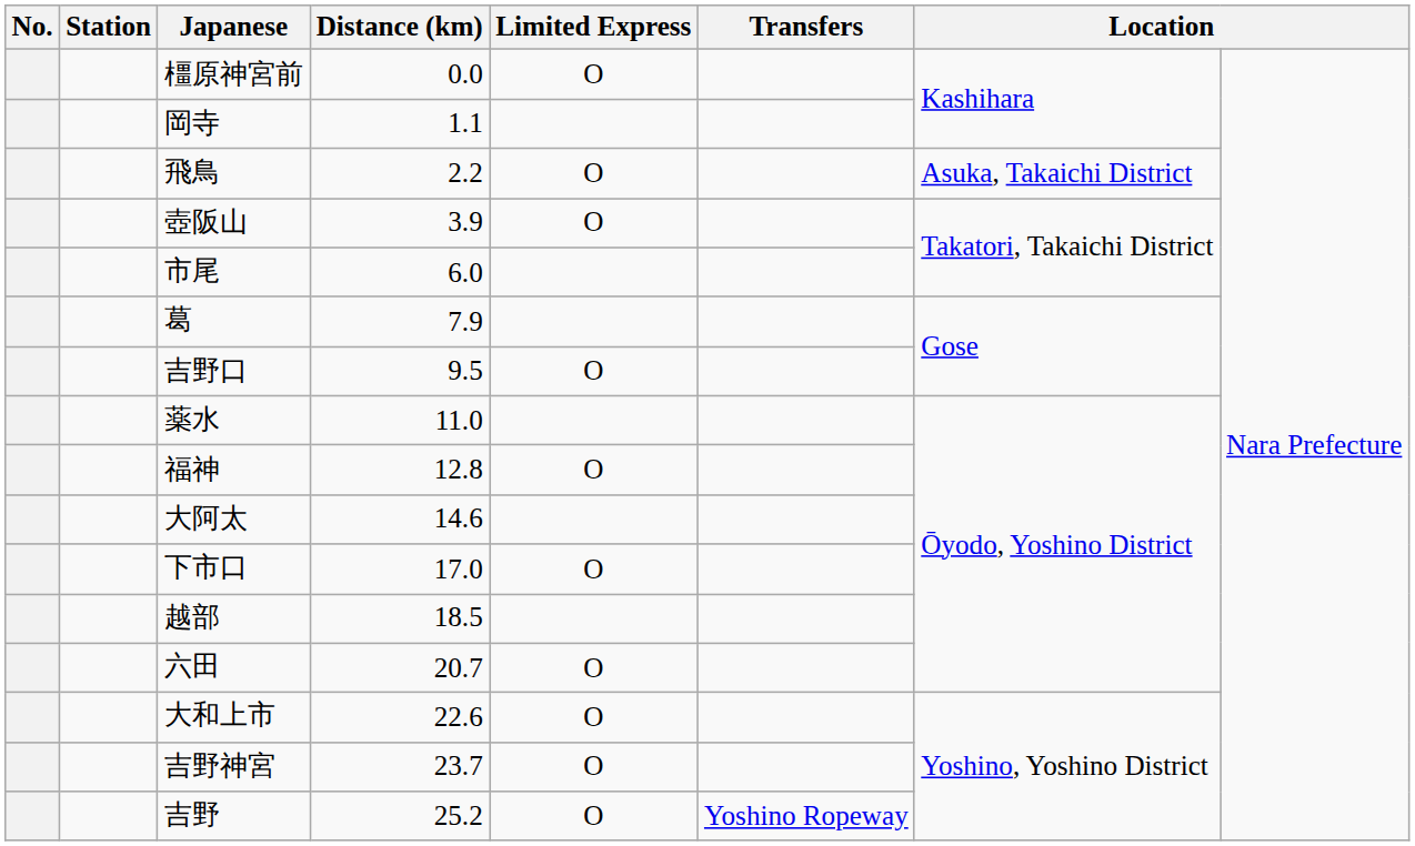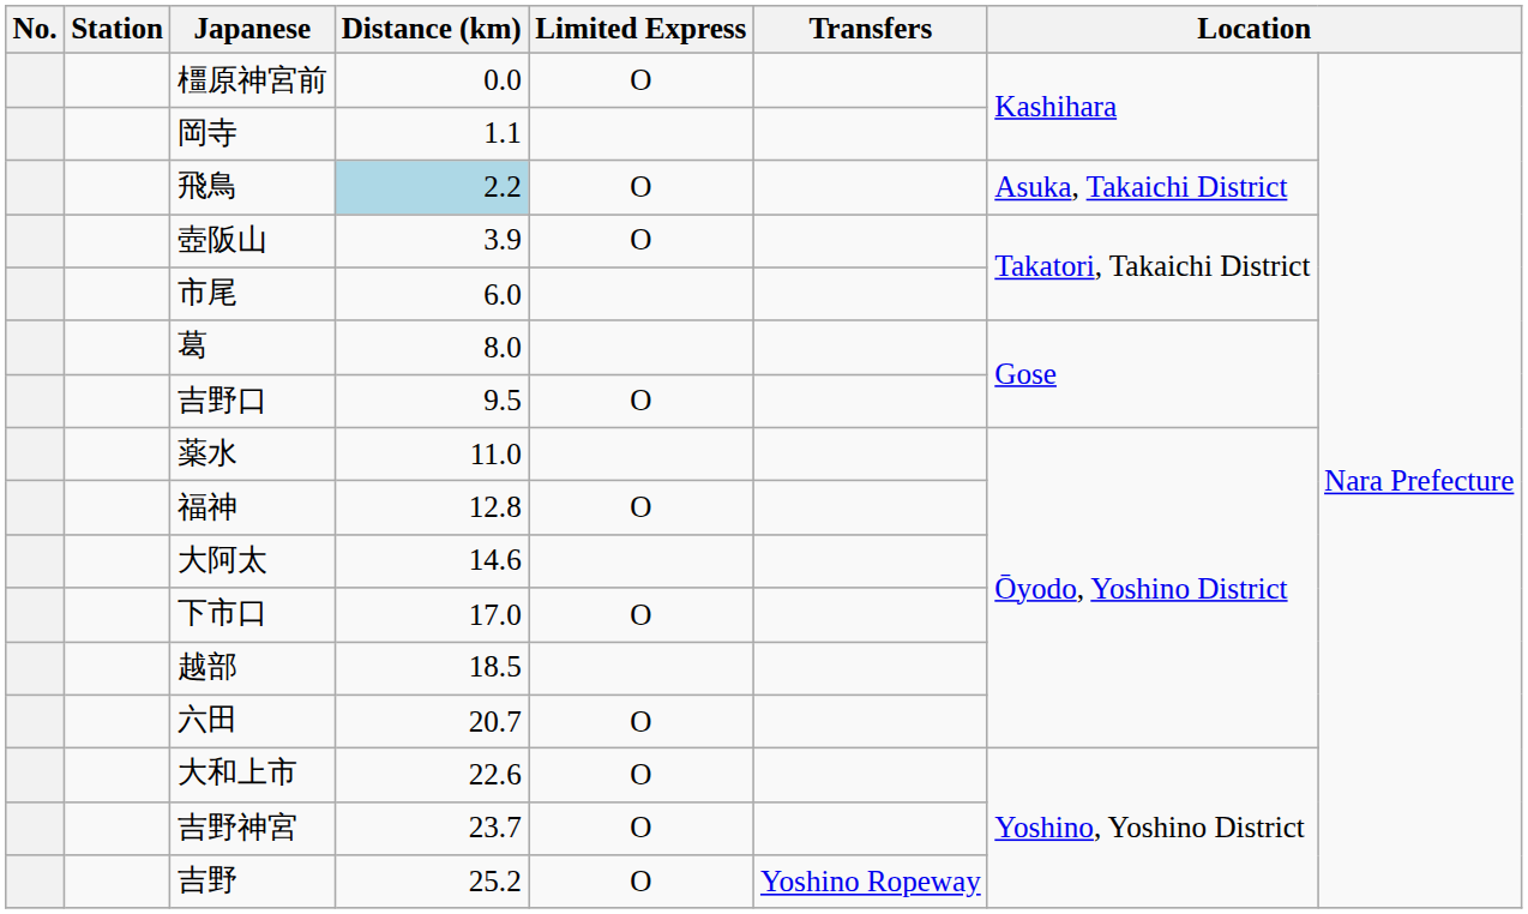 <table class="wikitable">
 <tr style="border-bottom:solid 2px #">
 <th>No.</th>
 <th>Station</th>
 <th>Japanese</th>
 <th>Distance (km)</th>
 <th>Limited Express</th>
 <th>Transfers</th>
 <th colspan="2">Location</th>
 </tr>
 <tr>
 <th></th>
 <td></td>
 <td>橿原神宮前</td>
 <td style="text-align: right; ">0.0</td>
 <td style="text-align: center; ">O</td>
 <td style="text-align:left;"></td>
 <td rowspan=2><a href='#'>Kashihara</a></td>
 <td rowspan="16" align="center"><a href='#'>Nara Prefecture</a></td>
 </tr>
 <tr>
 <th></th>
 <td></td>
 <td>岡寺</td>
 <td style="text-align: right; ">1.1</td>
 <td style="text-align: center; "></td>
 <td></td>
 </tr>
 <tr>
 <th></th>
 <td></td>
 <td>飛鳥</td>
-<td style="text-align: right; ">2.2</td>
+<td style="background: lightblue; text-align: right; ">2.2</td>
 <td style="text-align: center; ">O</td>
 <td></td>
 <td><a href='#'>Asuka</a>, <a href='#'>Takaichi District</a></td>
 </tr>
 <tr>
 <th></th>
 <td></td>
 <td>壺阪山</td>
 <td style="text-align: right; ">3.9</td>
 <td style="text-align: center; ">O</td>
 <td></td>
 <td rowspan="2"><a href='#'>Takatori</a>, Takaichi District</td>
 </tr>
 <tr>
 <th></th>
 <td></td>
 <td>市尾</td>
 <td style="text-align: right; ">6.0</td>
 <td style="text-align: center; "></td>
 <td></td>
 </tr>
 <tr>
 <th></th>
 <td></td>
 <td>葛</td>
-<td style="text-align: right; ">7.9</td>
+<td style="text-align: right; ">8.0</td>
 <td style="text-align: center; "></td>
 <td></td>
 <td rowspan="2"><a href='#'>Gose</a></td>
 </tr>
 <tr>
 <th></th>
 <td></td>
 <td>吉野口</td>
 <td style="text-align: right; ">9.5</td>
 <td style="text-align: center; ">O</td>
 <td style="text-align: left; "></td>
 </tr>
 <tr>
 <th></th>
 <td></td>
 <td>薬水</td>
 <td style="text-align: right; ">11.0</td>
 <td style="text-align: center; "></td>
 <td></td>
 <td rowspan="6"><a href='#'>Ōyodo</a>, <a href='#'>Yoshino District</a></td>
 </tr>
 <tr>
 <th></th>
 <td></td>
 <td>福神</td>
 <td style="text-align: right; ">12.8</td>
 <td style="text-align: center; ">O</td>
 <td></td>
 </tr>
 <tr>
 <th></th>
 <td></td>
 <td>大阿太</td>
 <td style="text-align: right; ">14.6</td>
 <td style="text-align: center; "></td>
 <td></td>
 </tr>
 <tr>
 <th></th>
 <td></td>
 <td>下市口</td>
 <td style="text-align: right; ">17.0</td>
 <td style="text-align: center; ">O</td>
 <td></td>
 </tr>
 <tr>
 <th></th>
 <td></td>
 <td>越部</td>
 <td style="text-align: right; ">18.5</td>
 <td style="text-align: center; "></td>
 <td></td>
 </tr>
 <tr>
 <th></th>
 <td></td>
 <td>六田</td>
 <td style="text-align: right; ">20.7</td>
 <td style="text-align: center; ">O</td>
 <td></td>
 </tr>
 <tr>
 <th></th>
 <td></td>
 <td>大和上市</td>
 <td style="text-align: right; ">22.6</td>
 <td style="text-align: center; ">O</td>
 <td></td>
 <td rowspan="3"><a href='#'>Yoshino</a>, Yoshino District</td>
 </tr>
 <tr>
 <th></th>
 <td></td>
 <td>吉野神宮</td>
 <td style="text-align: right; ">23.7</td>
 <td style="text-align: center; ">O</td>
 <td></td>
 </tr>
 <tr>
 <th></th>
 <td></td>
 <td>吉野</td>
 <td style="text-align: right; ">25.2</td>
 <td style="text-align: center; ">O</td>
 <td style="text-align: left; "><a href='#'>Yoshino Ropeway</a></td>
 </tr>
 </table>
